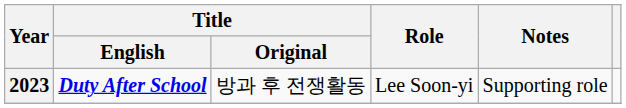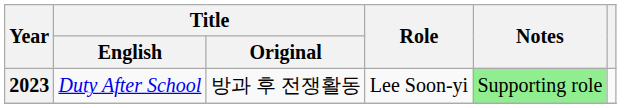 <table class="wikitable sortable plainrowheaders">
 <tr>
 <th scope="col" rowspan="2">Year</th>
 <th scope="col" colspan="2">Title</th>
 <th scope="col" rowspan="2">Role</th>
 <th scope="col" rowspan="2">Notes</th>
 <th scope="col" rowspan="2" class="unsortable"></th>
 </tr>
 <tr>
 <th scope="col">English</th>
 <th scope="col">Original</th>
 </tr>
 <tr>
 <th scope="row">2023</th>
-<td><strong><em><a href='#'>Duty After School</a></em></strong></td>
+<td><em><a href='#'>Duty After School</a></em></td>
 <td>방과 후 전쟁활동</td>
 <td>Lee Soon-yi</td>
-<td>Supporting role</td>
+<td style="background: lightgreen;">Supporting role</td>
 <td></td>
 </tr>
 <tr>
 </tr>
 </table>
